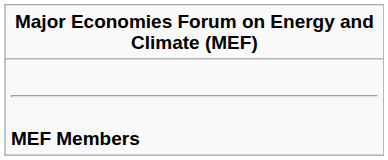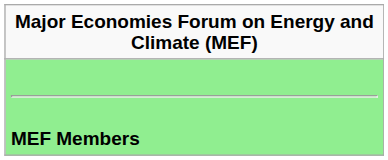 <table class="infobox" border="1" cellpadding="4" style="float: right; margin: 0 0 1em 1em; width: 20em; border-collapse: collapse; font-size: 90%; clear: right">
 <tr>
 <th>Major Economies Forum on Energy and Climate (MEF)</th>
 </tr>
 <tr>
-<td><br><hr><br><strong>MEF Members</strong></td>
+<td style="background: lightgreen;"><br><hr><br><strong>MEF Members</strong></td>
 </tr>
 </table>
